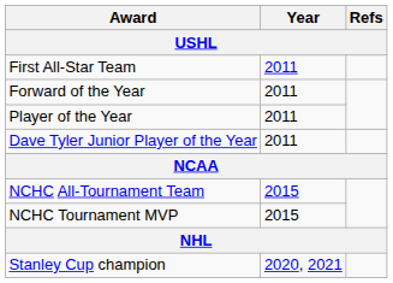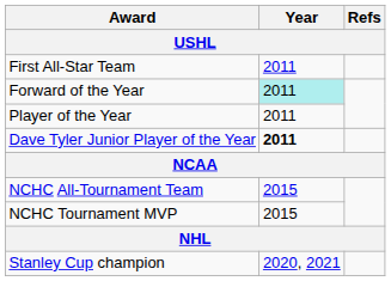 <table class="wikitable">
 <tr>
 <th>Award</th>
 <th>Year</th>
 <th>Refs</th>
 </tr>
 <tr>
 <th colspan="3"><a href='#'>USHL</a></th>
 </tr>
 <tr>
 <td>First All-Star Team</td>
 <td><a href='#'>2011</a></td>
 <td></td>
 </tr>
 <tr>
 <td>Forward of the Year</td>
-<td>2011</td>
+<td style="background: paleturquoise;">2011</td>
 <td rowspan="2"></td>
 </tr>
 <tr>
 <td>Player of the Year</td>
 <td>2011</td>
 </tr>
 <tr>
 <td><a href='#'>Dave Tyler Junior Player of the Year</a></td>
-<td>2011</td>
+<td><strong>2011</strong></td>
 <td></td>
 </tr>
 <tr>
 <th colspan="3"><a href='#'>NCAA</a></th>
 </tr>
 <tr>
 <td><a href='#'>NCHC</a> <a href='#'>All-Tournament Team</a></td>
 <td><a href='#'>2015</a></td>
 <td rowspan="2"></td>
 </tr>
 <tr>
 <td>NCHC Tournament MVP</td>
 <td>2015</td>
 </tr>
 <tr>
 <th colspan="3"><a href='#'>NHL</a></th>
 </tr>
 <tr>
 <td><a href='#'>Stanley Cup</a> champion</td>
 <td><a href='#'>2020</a>, <a href='#'>2021</a></td>
 <td></td>
 </tr>
 </table>
